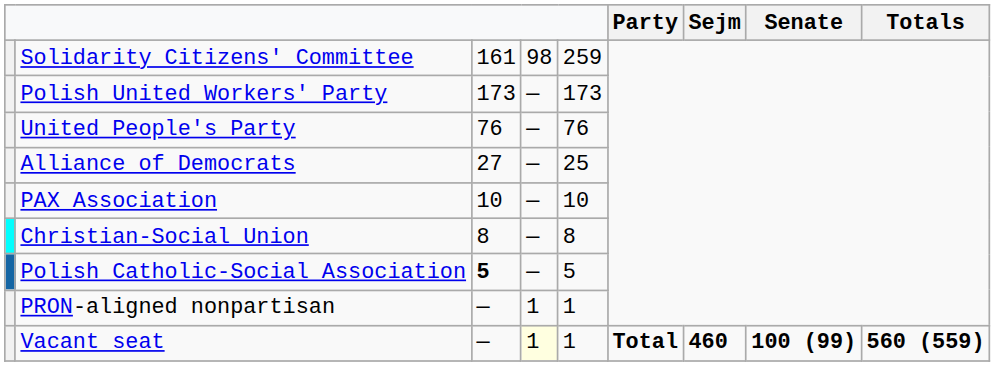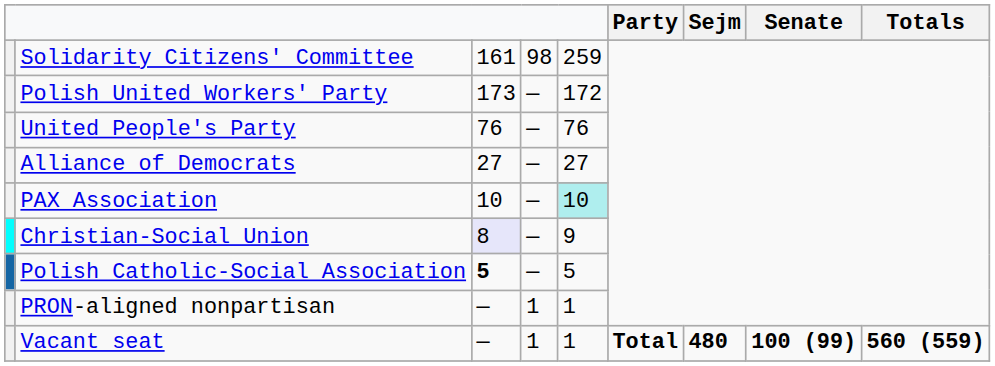 <table class="wikitable sortable">
 <tr>
 <th style="background:#F8F9FA;" colspan=5 align=center></th>
 <th colspan=2>Party</th>
 <th>Sejm</th>
 <th>Senate</th>
 <th>Totals</th>
 </tr>
 <tr>
 <th style="background:"></th>
 <td><a href='#'>Solidarity Citizens' Committee</a></td>
 <td>161</td>
 <td>98</td>
 <td>259</td>
 </tr>
 <tr>
 <th style="background:"></th>
 <td><a href='#'>Polish United Workers' Party</a></td>
 <td>173</td>
 <td>—</td>
-<td>173</td>
+<td>172</td>
 </tr>
 <tr>
 <th style="background:"></th>
 <td><a href='#'>United People's Party</a></td>
 <td>76</td>
 <td>—</td>
 <td>76</td>
 </tr>
 <tr>
 <th style="background:"></th>
 <td><a href='#'>Alliance of Democrats</a></td>
 <td>27</td>
 <td>—</td>
-<td>25</td>
+<td>27</td>
 </tr>
 <tr>
 <th style="background:"></th>
 <td><a href='#'>PAX Association</a></td>
 <td>10</td>
 <td>—</td>
-<td>10</td>
+<td style="background: paleturquoise;">10</td>
 </tr>
 <tr>
 <th style="background:#00FFFF;"></th>
 <td><a href='#'>Christian-Social Union</a></td>
-<td>8</td>
+<td style="background: lavender;">8</td>
 <td>—</td>
-<td>8</td>
+<td>9</td>
 </tr>
 <tr>
 <th style="background:#1465A4;"></th>
 <td><a href='#'>Polish Catholic-Social Association</a></td>
 <td><strong>5</strong></td>
 <td>—</td>
 <td>5</td>
 </tr>
 <tr>
 <th style="background:"></th>
 <td><a href='#'>PRON</a>-aligned nonpartisan</td>
 <td>—</td>
 <td>1</td>
 <td>1</td>
 </tr>
 <tr>
 <th></th>
 <td><a href='#'>Vacant seat</a></td>
 <td>—</td>
-<td style="background: lightyellow;">1</td>
+<td>1</td>
 <td>1</td>
 <td colspan=2><strong>Total</strong></td>
-<td><strong>460</strong></td>
+<td><strong>480</strong></td>
 <td><strong>100 (99)</strong></td>
 <td><strong>560 (559)</strong></td>
 </tr>
 </table>
